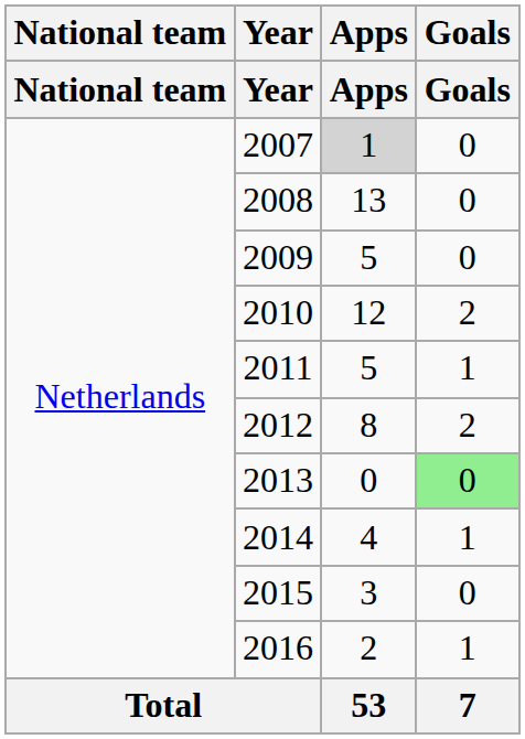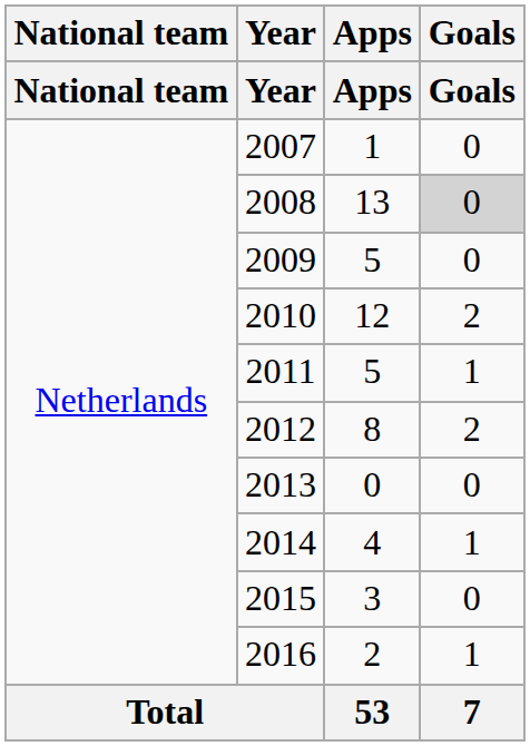 <table class="wikitable" style="text-align:center">
 <tr>
 <th>National team</th>
 <th>Year</th>
 <th>Apps</th>
 <th>Goals</th>
 </tr>
 <tr>
 <th>National team</th>
 <th>Year</th>
 <th>Apps</th>
 <th>Goals</th>
 </tr>
 <tr>
 <td rowspan="10"><a href='#'>Netherlands</a></td>
 <td>2007</td>
-<td style="background: lightgrey;">1</td>
+<td>1</td>
 <td>0</td>
 </tr>
 <tr>
 <td>2008</td>
 <td>13</td>
-<td>0</td>
+<td style="background: lightgrey;">0</td>
 </tr>
 <tr>
 <td>2009</td>
 <td>5</td>
 <td>0</td>
 </tr>
 <tr>
 <td>2010</td>
 <td>12</td>
 <td>2</td>
 </tr>
 <tr>
 <td>2011</td>
 <td>5</td>
 <td>1</td>
 </tr>
 <tr>
 <td>2012</td>
 <td>8</td>
 <td>2</td>
 </tr>
 <tr>
 <td>2013</td>
 <td>0</td>
-<td style="background: lightgreen;">0</td>
+<td>0</td>
 </tr>
 <tr>
 <td>2014</td>
 <td>4</td>
 <td>1</td>
 </tr>
 <tr>
 <td>2015</td>
 <td>3</td>
 <td>0</td>
 </tr>
 <tr>
 <td>2016</td>
 <td>2</td>
 <td>1</td>
 </tr>
 <tr>
 <th colspan="2">Total</th>
 <th>53</th>
 <th>7</th>
 </tr>
 </table>
